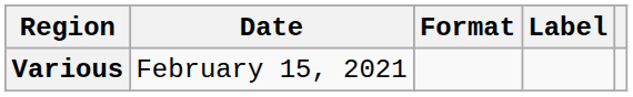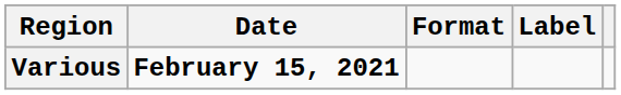 <table class="wikitable plainrowheaders">
 <tr>
 <th scope="col">Region</th>
 <th scope="col">Date</th>
 <th scope="col">Format</th>
 <th scope="col">Label</th>
 <th scope="col"></th>
 </tr>
 <tr>
 <th scope="row">Various</th>
-<td>February 15, 2021</td>
+<td><strong>February 15, 2021</strong></td>
 <td></td>
 <td rowspan="2" scope="row"></td>
 <td align="center"></td>
 </tr>
 </table>
